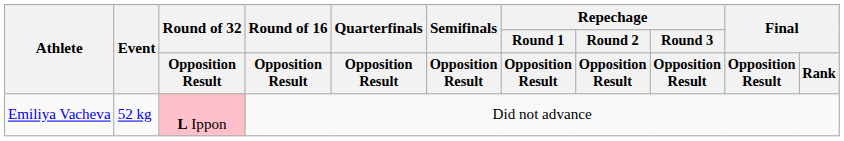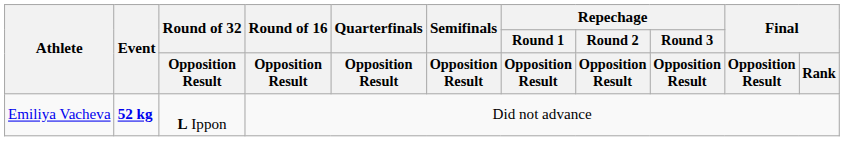 <table class="wikitable" style="font-size:90%">
 <tr>
 <th rowspan="3">Athlete</th>
 <th rowspan="3">Event</th>
 <th rowspan="2">Round of 32</th>
 <th rowspan="2">Round of 16</th>
 <th rowspan="2">Quarterfinals</th>
 <th rowspan="2">Semifinals</th>
 <th colspan=3>Repechage</th>
 <th rowspan="2" colspan=2>Final</th>
 </tr>
 <tr style="font-size:95%">
 <th>Round 1</th>
 <th>Round 2</th>
 <th>Round 3</th>
 </tr>
 <tr style="font-size:95%">
 <th>Opposition<br>Result</th>
 <th>Opposition<br>Result</th>
 <th>Opposition<br>Result</th>
 <th>Opposition<br>Result</th>
 <th>Opposition<br>Result</th>
 <th>Opposition<br>Result</th>
 <th>Opposition<br>Result</th>
 <th>Opposition<br>Result</th>
 <th>Rank</th>
 </tr>
 <tr align=center>
 <td align=left><a href='#'>Emiliya Vacheva</a></td>
-<td align=left><a href='#'>52 kg</a></td>
-<td style="background: pink;"><br><strong>L</strong> Ippon</td>
+<td align=left><strong><a href='#'>52 kg</a></strong></td>
+<td><br><strong>L</strong> Ippon</td>
 <td colspan=8>Did not advance</td>
 </tr>
 </table>
